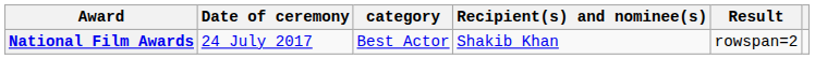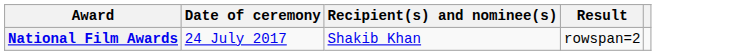 <table class="wikitable">
 <tr>
 <th>Award</th>
 <th>Date of ceremony</th>
-<th>category</th>
 <th>Recipient(s) and nominee(s)</th>
 <th>Result</th>
 <th></th>
 </tr>
 <tr>
 <th><a href='#'>National Film Awards</a></th>
 <td><a href='#'>24 July 2017</a></td>
-<td><a href='#'>Best Actor</a></td>
 <td><a href='#'>Shakib Khan</a></td>
 <td>rowspan=2 </td>
 <td><br></td>
 </tr>
 </table>
